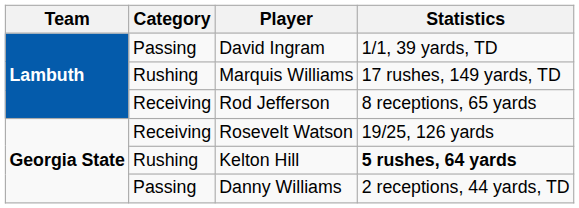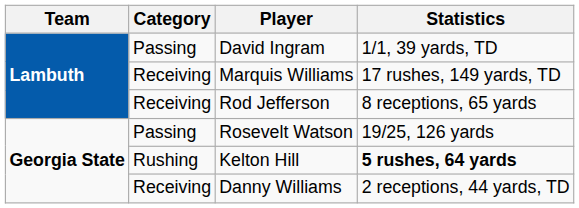 <table class="wikitable" style="float: right;">
 <tr>
 <th>Team</th>
 <th>Category</th>
 <th>Player</th>
 <th>Statistics</th>
 </tr>
 <tr>
 <td rowspan=3 style="background:#045bab; color:white; "><strong>Lambuth</strong></td>
 <td>Passing</td>
 <td>David Ingram</td>
 <td>1/1, 39 yards, TD</td>
 </tr>
 <tr>
-<td>Rushing</td>
+<td>Receiving</td>
 <td>Marquis Williams</td>
 <td>17 rushes, 149 yards, TD</td>
 </tr>
 <tr>
 <td>Receiving</td>
 <td>Rod Jefferson</td>
 <td>8 receptions, 65 yards</td>
 </tr>
 <tr>
 <td rowspan=3><strong>Georgia State</strong></td>
-<td>Receiving</td>
+<td>Passing</td>
 <td>Rosevelt Watson</td>
 <td>19/25, 126 yards</td>
 </tr>
 <tr>
 <td>Rushing</td>
 <td>Kelton Hill</td>
 <td><strong>5 rushes, 64 yards</strong></td>
 </tr>
 <tr>
-<td>Passing</td>
+<td>Receiving</td>
 <td>Danny Williams</td>
 <td>2 receptions, 44 yards, TD</td>
 </tr>
 </table>
